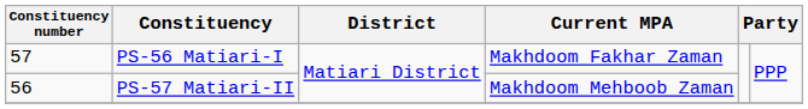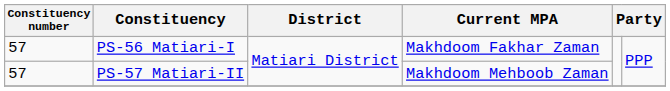 <table class="wikitable">
 <tr>
 <th width="50px" style="font-size:75%">Constituency number</th>
 <th>Constituency</th>
 <th>District</th>
 <th>Current MPA</th>
 <th colspan="2">Party</th>
 </tr>
 <tr>
 <td>57</td>
 <td><a href='#'>PS-56 Matiari-I</a></td>
 <td rowspan="2"><a href='#'>Matiari District</a></td>
 <td><a href='#'>Makhdoom Fakhar Zaman</a></td>
 <td rowspan="2"></td>
 <td rowspan="2"><a href='#'>PPP</a></td>
 </tr>
 <tr>
-<td>56</td>
+<td>57</td>
 <td><a href='#'>PS-57 Matiari-II</a></td>
 <td><a href='#'>Makhdoom Mehboob Zaman</a></td>
 </tr>
 <tr>
 </tr>
 </table>
